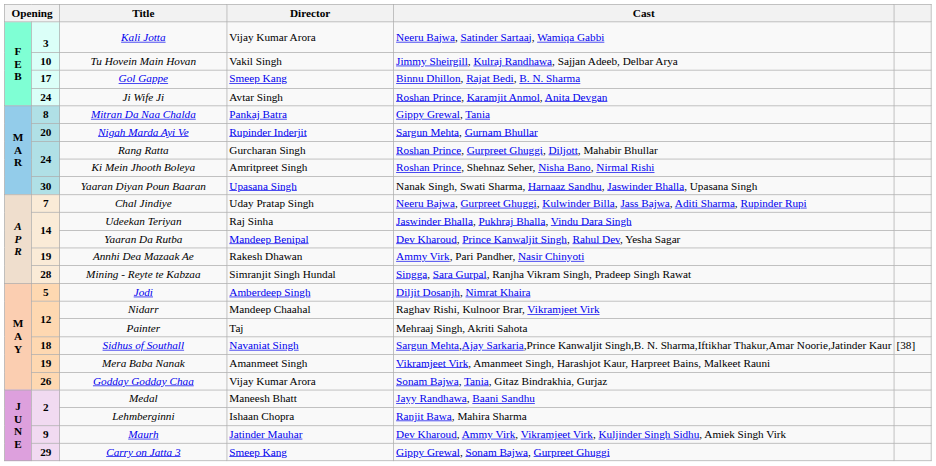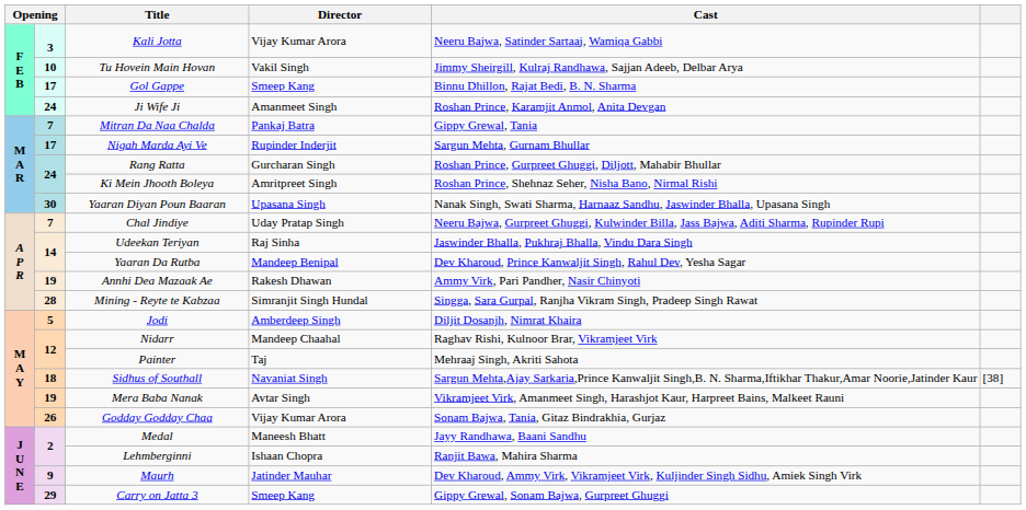 <table class="wikitable sortable">
 <tr>
 <th colspan="2" style="width:6%">Opening</th>
 <th style="width:18%">Title</th>
 <th style="width:18%">Director</th>
 <th>Cast</th>
 <th style="width:4%;"></th>
 </tr>
 <tr>
 <th rowspan="4" style="text-align:center; background:#7FFFD4; textcolor:#000;">F<br>E<br>B</th>
 <td rowspan="1" style="text-align:center;background:#dbfff8;"><br><strong>3</strong></td>
 <td style="text-align:center;"><em><a href='#'>Kali Jotta</a></em></td>
 <td>Vijay Kumar Arora</td>
 <td><a href='#'>Neeru Bajwa</a>, <a href='#'>Satinder Sartaaj</a>, <a href='#'>Wamiqa Gabbi</a></td>
 <td></td>
 </tr>
 <tr>
 <td rowspan="1" style="text-align:center;background:#dbfff8;"><strong>10</strong></td>
 <td style="text-align:center;"><em>Tu Hovein Main Hovan</em></td>
 <td>Vakil Singh</td>
 <td><a href='#'>Jimmy Sheirgill</a>, <a href='#'>Kulraj Randhawa</a>, Sajjan Adeeb, Delbar Arya</td>
 <td></td>
 </tr>
 <tr>
 <td rowspan="1" style="text-align:center;background:#dbfff8;"><strong>17</strong></td>
 <td style="text-align:center"><em><a href='#'>Gol Gappe</a></em></td>
 <td><a href='#'>Smeep Kang</a></td>
 <td><a href='#'>Binnu Dhillon</a>, <a href='#'>Rajat Bedi</a>, <a href='#'>B. N. Sharma</a></td>
 <td></td>
 </tr>
 <tr>
 <td rowspan="1" style="text-align:center;background:#dbfff8;"><strong>24</strong></td>
 <td style="text-align: center;"><em>Ji Wife Ji</em></td>
-<td>Avtar Singh</td>
+<td>Amanmeet Singh</td>
 <td><a href='#'>Roshan Prince</a>, <a href='#'>Karamjit Anmol</a>, <a href='#'>Anita Devgan</a></td>
 <td></td>
 </tr>
 <tr March>
 <td rowspan="5" style="text-align:center; background:#93CCEA; textcolor:#000;"><strong>M<br>A<br>R</strong></td>
-<td rowspan="1" style="text-align:center;background:#B0E0E6;"><strong>8</strong></td>
+<td rowspan="1" style="text-align:center;background:#B0E0E6;"><strong>7</strong></td>
 <td style="text-align:center;"><em><a href='#'>Mitran Da Naa Chalda</a></em></td>
 <td><a href='#'>Pankaj Batra</a></td>
 <td><a href='#'>Gippy Grewal</a>, <a href='#'>Tania</a></td>
 <td></td>
 </tr>
 <tr>
-<td rowspan="1" style="text-align:center;background:#B0E0E6;"><strong>20</strong></td>
+<td rowspan="1" style="text-align:center;background:#B0E0E6;"><strong>17</strong></td>
 <td style="text-align:center;"><em><a href='#'>Nigah Marda Ayi Ve</a></em></td>
 <td><a href='#'>Rupinder Inderjit</a></td>
 <td><a href='#'>Sargun Mehta</a>, <a href='#'>Gurnam Bhullar</a></td>
 <td></td>
 </tr>
 <tr>
 <td rowspan="2" style="text-align:center;background:#B0E0E6;"><strong>24</strong></td>
 <td style="text-align:center;"><em>Rang Ratta</em></td>
 <td>Gurcharan Singh</td>
 <td><a href='#'>Roshan Prince</a>, <a href='#'>Gurpreet Ghuggi</a>, <a href='#'>Diljott</a>, Mahabir Bhullar</td>
 <td></td>
 </tr>
 <tr>
 <td style="text-align: center;"><em>Ki Mein Jhooth Boleya</em></td>
 <td>Amritpreet Singh</td>
 <td><a href='#'>Roshan Prince</a>, Shehnaz Seher, <a href='#'>Nisha Bano</a>, <a href='#'>Nirmal Rishi</a></td>
 <td></td>
 </tr>
 <tr>
 <td rowspan="1" style="text-align:center;background:#B0E0E6;"><strong>30</strong></td>
 <td style="text-align:center;"><em>Yaaran Diyan Poun Baaran</em></td>
 <td><a href='#'>Upasana Singh</a></td>
 <td>Nanak Singh, Swati Sharma, <a href='#'>Harnaaz Sandhu</a>, <a href='#'>Jaswinder Bhalla</a>, Upasana Singh</td>
 <td></td>
 </tr>
 <tr April>
 <th rowspan="5" style="text-align:center; background:#EFDECD; textcolor:#000;"><em>A<br>P<br>R</em></th>
 <td rowspan="1" style="text-align:center;background:#FAEBD7"><strong>7</strong></td>
 <td style="text-align:center;"><em>Chal Jindiye</em></td>
 <td>Uday Pratap Singh</td>
 <td><a href='#'>Neeru Bajwa</a>, <a href='#'>Gurpreet Ghuggi</a>, <a href='#'>Kulwinder Billa</a>, <a href='#'>Jass Bajwa</a>, <a href='#'>Aditi Sharma</a>, <a href='#'>Rupinder Rupi</a></td>
 <td></td>
 </tr>
 <tr>
 <td rowspan="2" style="text-align:center;background:#FAEBD7;"><strong>14</strong></td>
 <td style="text-align:center;"><em>Udeekan Teriyan</em></td>
 <td>Raj Sinha</td>
 <td><a href='#'>Jaswinder Bhalla</a>, <a href='#'>Pukhraj Bhalla</a>, <a href='#'>Vindu Dara Singh</a></td>
 <td></td>
 </tr>
 <tr>
 <td style="text-align:center;"><em>Yaaran Da Rutba</em></td>
 <td><a href='#'>Mandeep Benipal</a></td>
 <td><a href='#'>Dev Kharoud</a>, <a href='#'>Prince Kanwaljit Singh</a>, <a href='#'>Rahul Dev</a>, Yesha Sagar</td>
 <td></td>
 </tr>
 <tr>
 <td rowspan="1" style="text-align:center;background:#FAEBD7;"><strong>19</strong></td>
 <td style="text-align:center;"><em>Annhi Dea Mazaak Ae</em></td>
 <td>Rakesh Dhawan</td>
 <td><a href='#'>Ammy Virk</a>, Pari Pandher, <a href='#'>Nasir Chinyoti</a></td>
 <td></td>
 </tr>
 <tr>
 <td rowspan="1" style="text-align:center;background:#FAEBD7;"><strong>28</strong></td>
 <td style="text-align:center;"><em>Mining - Reyte te Kabzaa</em></td>
 <td>Simranjit Singh Hundal</td>
 <td><a href='#'>Singga</a>, <a href='#'>Sara Gurpal</a>, Ranjha Vikram Singh, Pradeep Singh Rawat</td>
 <td></td>
 </tr>
 <tr May>
 <td rowspan="6" style="text-align:center; background:#FBCEB1; textcolor:#000;"><strong>M<br>A<br>Y</strong></td>
 <td rowspan="1" style="text-align:center;background:#FED8B1;"><strong>5</strong></td>
 <td style="text-align:center;"><em><a href='#'>Jodi</a></em></td>
 <td><a href='#'>Amberdeep Singh</a></td>
 <td><a href='#'>Diljit Dosanjh</a>, <a href='#'>Nimrat Khaira</a></td>
 <td></td>
 </tr>
 <tr>
 <td rowspan="2" style="text-align:center;background:#FED8B1;"><strong>12</strong></td>
 <td style="text-align:center;"><em>Nidarr</em></td>
 <td>Mandeep Chaahal</td>
 <td>Raghav Rishi, Kulnoor Brar, <a href='#'>Vikramjeet Virk</a></td>
 <td></td>
 </tr>
 <tr>
 <td style="text-align:center;"><em>Painter</em></td>
 <td>Taj</td>
 <td>Mehraaj Singh, Akriti Sahota</td>
 <td></td>
 </tr>
 <tr>
 <td rowspan="1" style="text-align:center;background:#FED8B1;"><strong>18</strong></td>
 <td style="text-align:center;"><em><a href='#'>Sidhus of Southall</a></em></td>
 <td><a href='#'>Navaniat Singh</a></td>
 <td><a href='#'>Sargun Mehta</a>,<a href='#'>Ajay Sarkaria</a>,Prince Kanwaljit Singh,B. N. Sharma,Iftikhar Thakur,Amar Noorie,Jatinder Kaur</td>
 <td>[38]</td>
 </tr>
 <tr>
 <td rowspan="1" style="text-align:center;background:#FED8B1;"><strong>19</strong></td>
 <td style="text-align:center;"><em>Mera Baba Nanak</em></td>
-<td>Amanmeet Singh</td>
+<td>Avtar Singh</td>
 <td><a href='#'>Vikramjeet Virk</a>, Amanmeet Singh, Harashjot Kaur, Harpreet Bains, Malkeet Rauni</td>
 <td></td>
 </tr>
 <tr>
 <td rowspan="1" style="text-align:center;background:#FED8B1;"><strong>26</strong></td>
 <td style="text-align:center;"><em><a href='#'>Godday Godday Chaa</a></em></td>
 <td>Vijay Kumar Arora</td>
 <td><a href='#'>Sonam Bajwa</a>, <a href='#'>Tania</a>, Gitaz Bindrakhia, Gurjaz</td>
 <td></td>
 </tr>
 <tr June>
 <th rowspan="4" style="text-align:center; background:plum; textcolor:#000;">J<br>U<br>N<br>E</th>
 <td rowspan="2" style="text-align:center;background:#f1daf1;"><strong>2</strong></td>
 <td style="text-align:center;"><em>Medal</em></td>
 <td>Maneesh Bhatt</td>
 <td><a href='#'>Jayy Randhawa</a>, <a href='#'>Baani Sandhu</a></td>
 <td></td>
 </tr>
 <tr>
 <td style="text-align:center;"><em>Lehmberginni</em></td>
 <td>Ishaan Chopra</td>
 <td><a href='#'>Ranjit Bawa</a>, Mahira Sharma</td>
 <td></td>
 </tr>
 <tr>
 <td rowspan="1" style="text-align:center;background:#f1daf1;"><strong>9</strong></td>
 <td style="text-align:center;"><em><a href='#'>Maurh</a></em></td>
 <td><a href='#'>Jatinder Mauhar</a></td>
 <td><a href='#'>Dev Kharoud</a>, <a href='#'>Ammy Virk</a>, <a href='#'>Vikramjeet Virk</a>, <a href='#'>Kuljinder Singh Sidhu</a>, Amiek Singh Virk</td>
 <td></td>
 </tr>
 <tr>
 <td rowspan="1" style="text-align:center;background:#f1daf1;"><strong>29</strong></td>
 <td style="text-align:center;"><em><a href='#'>Carry on Jatta 3</a></em></td>
 <td><a href='#'>Smeep Kang</a></td>
 <td><a href='#'>Gippy Grewal</a>, <a href='#'>Sonam Bajwa</a>, <a href='#'>Gurpreet Ghuggi</a></td>
 <td></td>
 </tr>
 </table>
